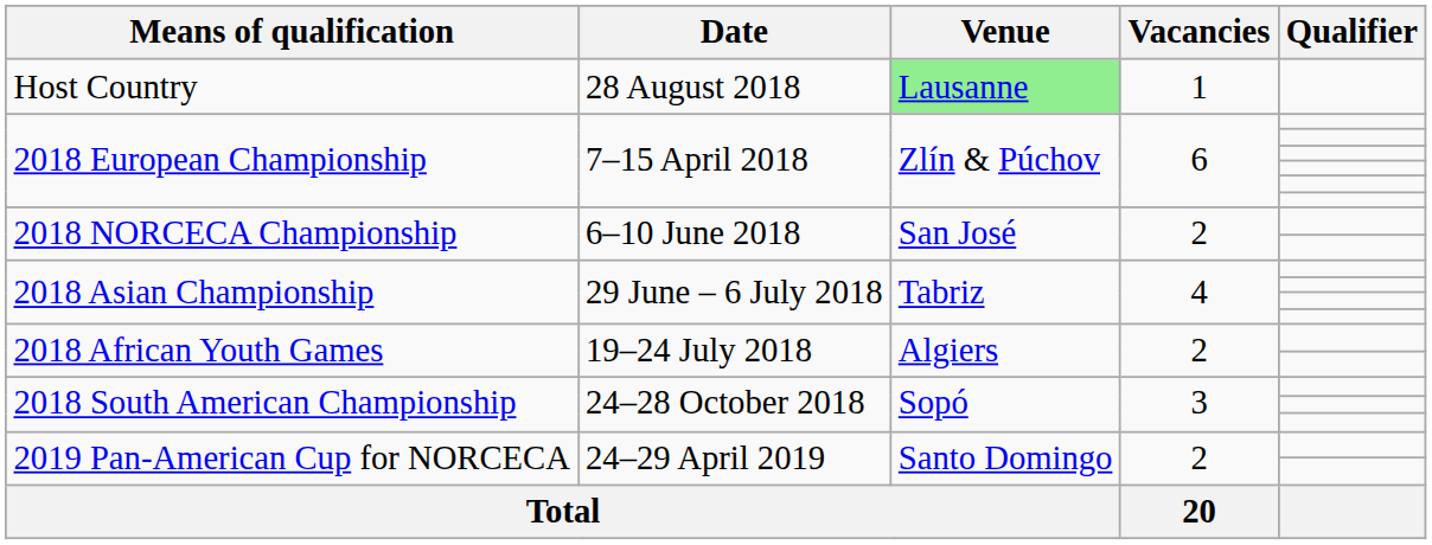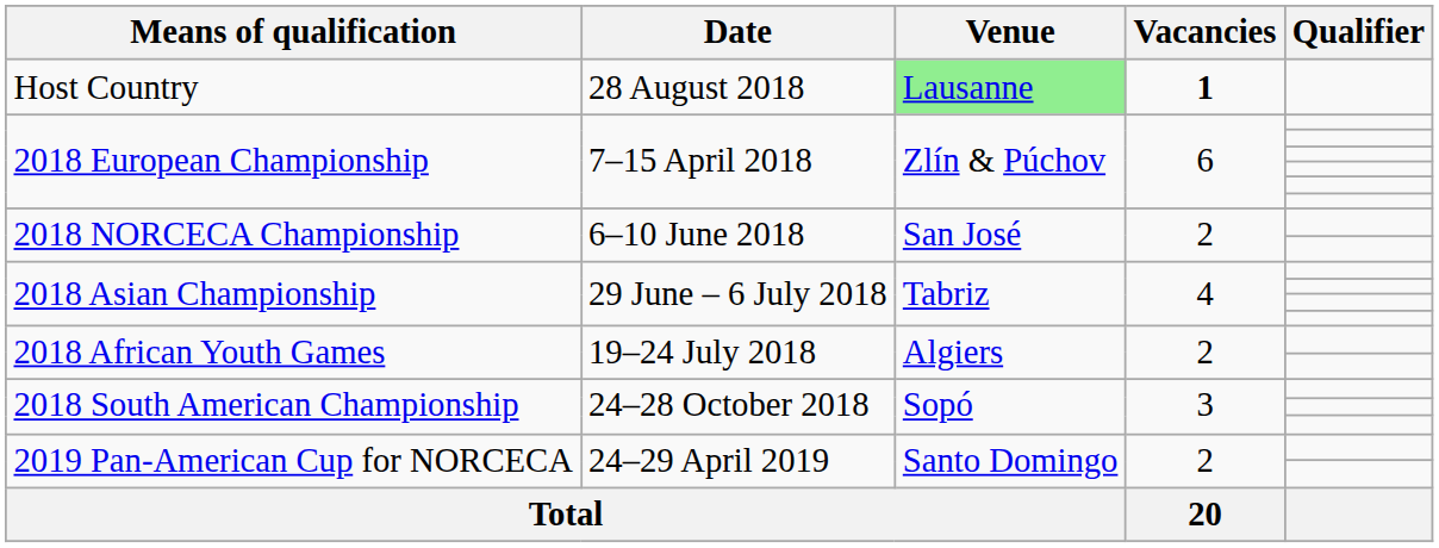 <table class="wikitable">
 <tr>
 <th>Means of qualification</th>
 <th>Date</th>
 <th>Venue</th>
 <th>Vacancies</th>
 <th>Qualifier</th>
 </tr>
 <tr>
 <td>Host Country</td>
 <td>28 August 2018</td>
 <td style="background: lightgreen;"> <a href='#'>Lausanne</a></td>
-<td align="center">1</td>
+<td align="center"><strong>1</strong></td>
 <td></td>
 </tr>
 <tr>
 <td rowspan="6"><a href='#'>2018 European Championship</a></td>
 <td rowspan="6">7–15 April 2018</td>
 <td rowspan="6"> <a href='#'>Zlín</a> &  <a href='#'>Púchov</a></td>
 <td rowspan="6" align="center">6</td>
 <td></td>
 </tr>
 <tr>
 <td></td>
 </tr>
 <tr>
 <td></td>
 </tr>
 <tr>
 <td></td>
 </tr>
 <tr>
 <td></td>
 </tr>
 <tr>
 <td></td>
 </tr>
 <tr>
 <td rowspan="2"><a href='#'>2018 NORCECA Championship</a></td>
 <td rowspan="2">6–10 June 2018</td>
 <td rowspan="2"> <a href='#'>San José</a></td>
 <td rowspan="2" align="center">2</td>
 <td></td>
 </tr>
 <tr>
 <td></td>
 </tr>
 <tr>
 <td rowspan="4"><a href='#'>2018 Asian Championship</a></td>
 <td rowspan="4">29 June – 6 July 2018</td>
 <td rowspan="4"> <a href='#'>Tabriz</a></td>
 <td rowspan="4" align="center">4</td>
 <td></td>
 </tr>
 <tr>
 <td></td>
 </tr>
 <tr>
 <td></td>
 </tr>
 <tr>
 <td></td>
 </tr>
 <tr>
 <td rowspan="2"><a href='#'>2018 African Youth Games</a></td>
 <td rowspan="2">19–24 July 2018</td>
 <td rowspan="2"> <a href='#'>Algiers</a></td>
 <td rowspan="2" align="center">2</td>
 <td></td>
 </tr>
 <tr>
 <td></td>
 </tr>
 <tr>
 <td rowspan="3"><a href='#'>2018 South American Championship</a></td>
 <td rowspan="3">24–28 October 2018</td>
 <td rowspan="3"> <a href='#'>Sopó</a></td>
 <td rowspan="3" align="center">3</td>
 <td></td>
 </tr>
 <tr>
 <td></td>
 </tr>
 <tr>
 <td></td>
 </tr>
 <tr>
 <td rowspan="2"><a href='#'>2019 Pan-American Cup</a> for NORCECA</td>
 <td rowspan="2">24–29 April 2019</td>
 <td rowspan="2"> <a href='#'>Santo Domingo</a></td>
 <td rowspan=2 align="center">2</td>
 <td></td>
 </tr>
 <tr>
 <td></td>
 </tr>
 <tr>
 <th colspan="3">Total</th>
 <th>20</th>
 <th></th>
 </tr>
 </table>
